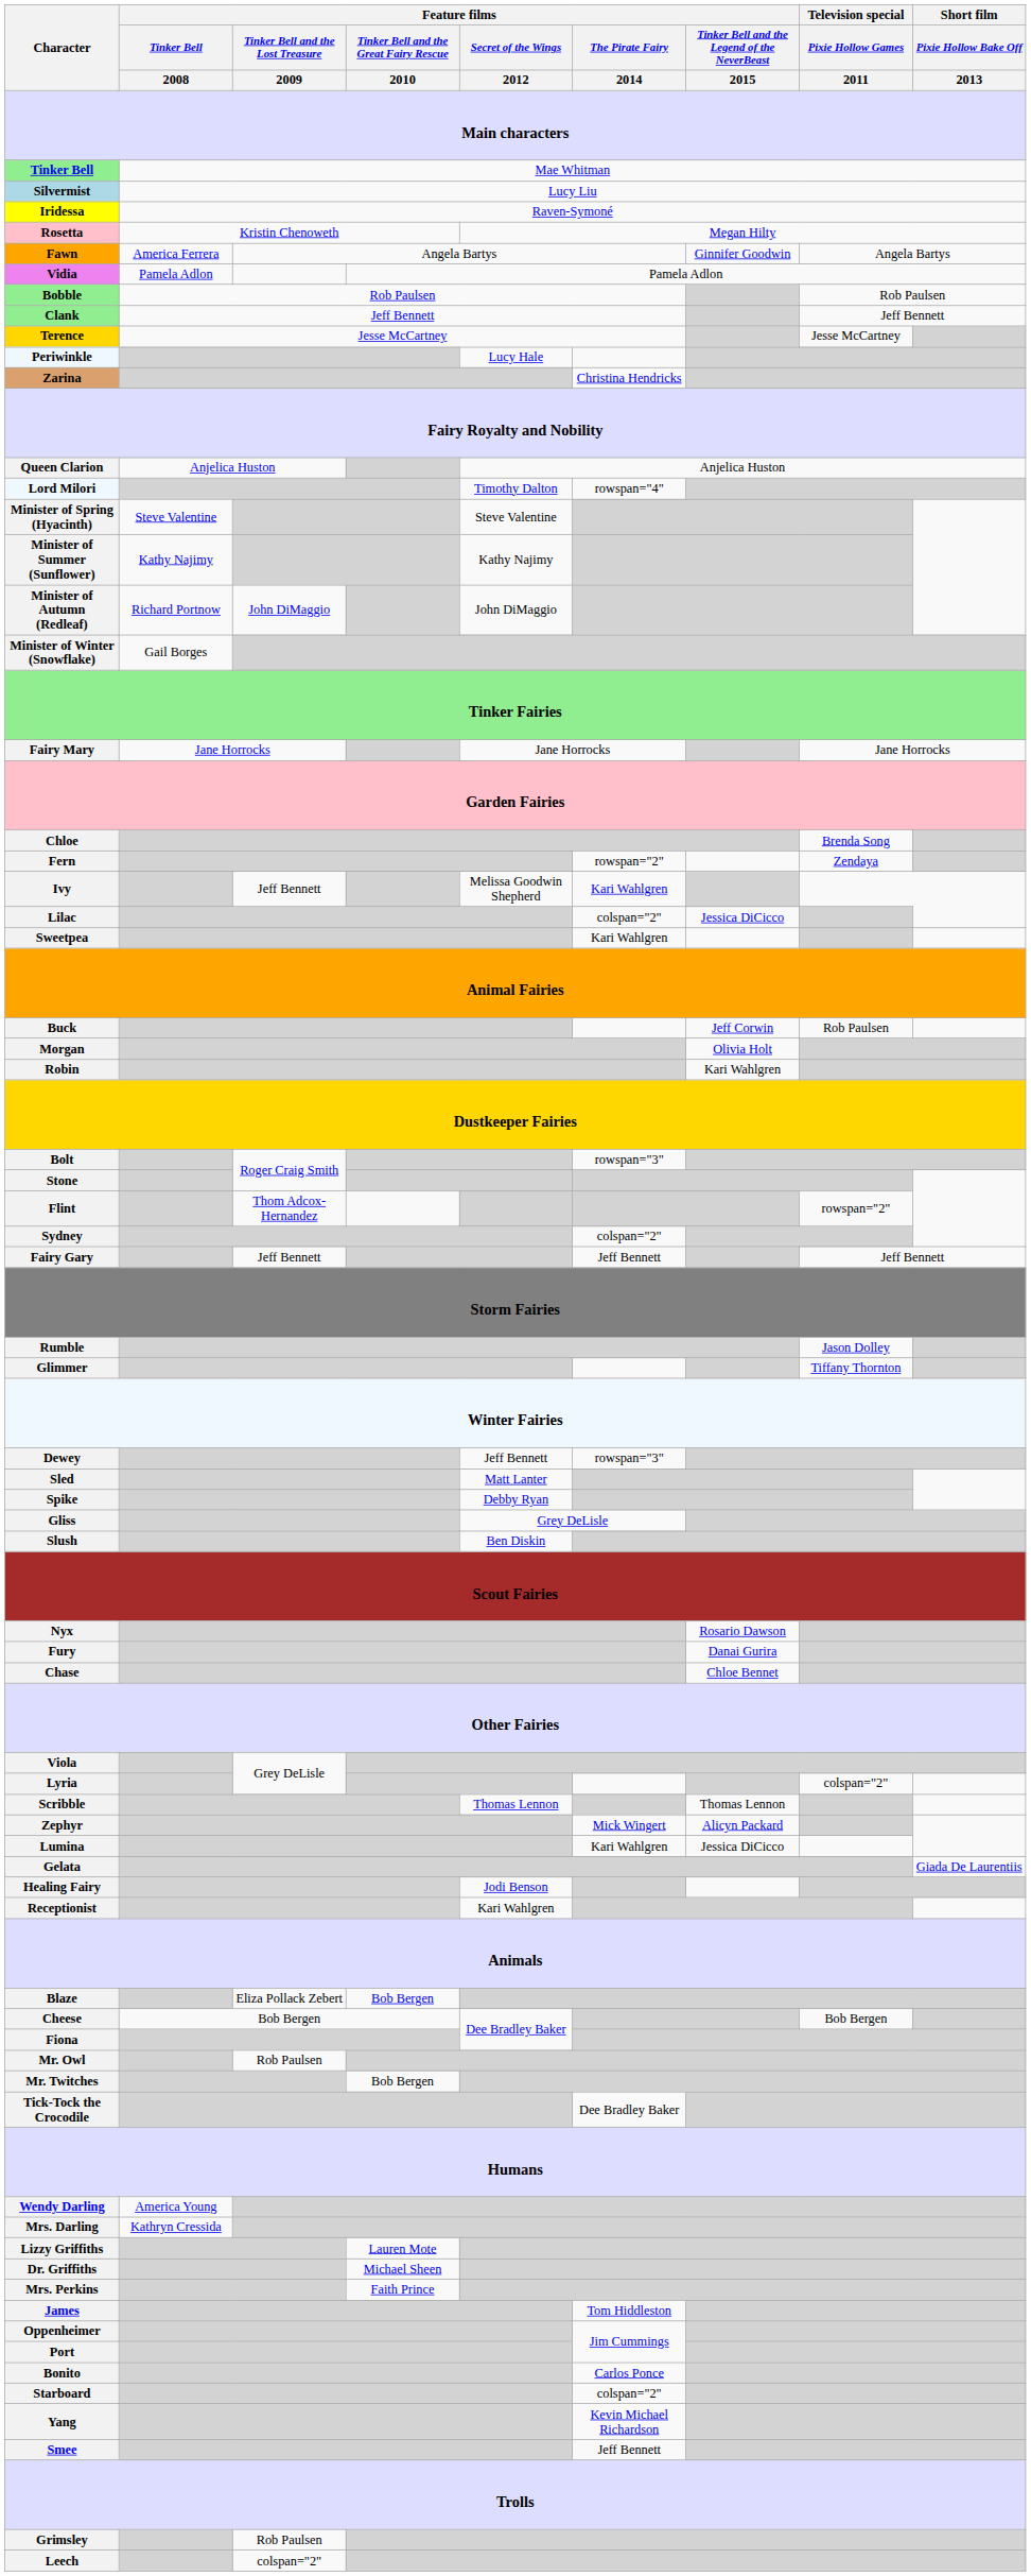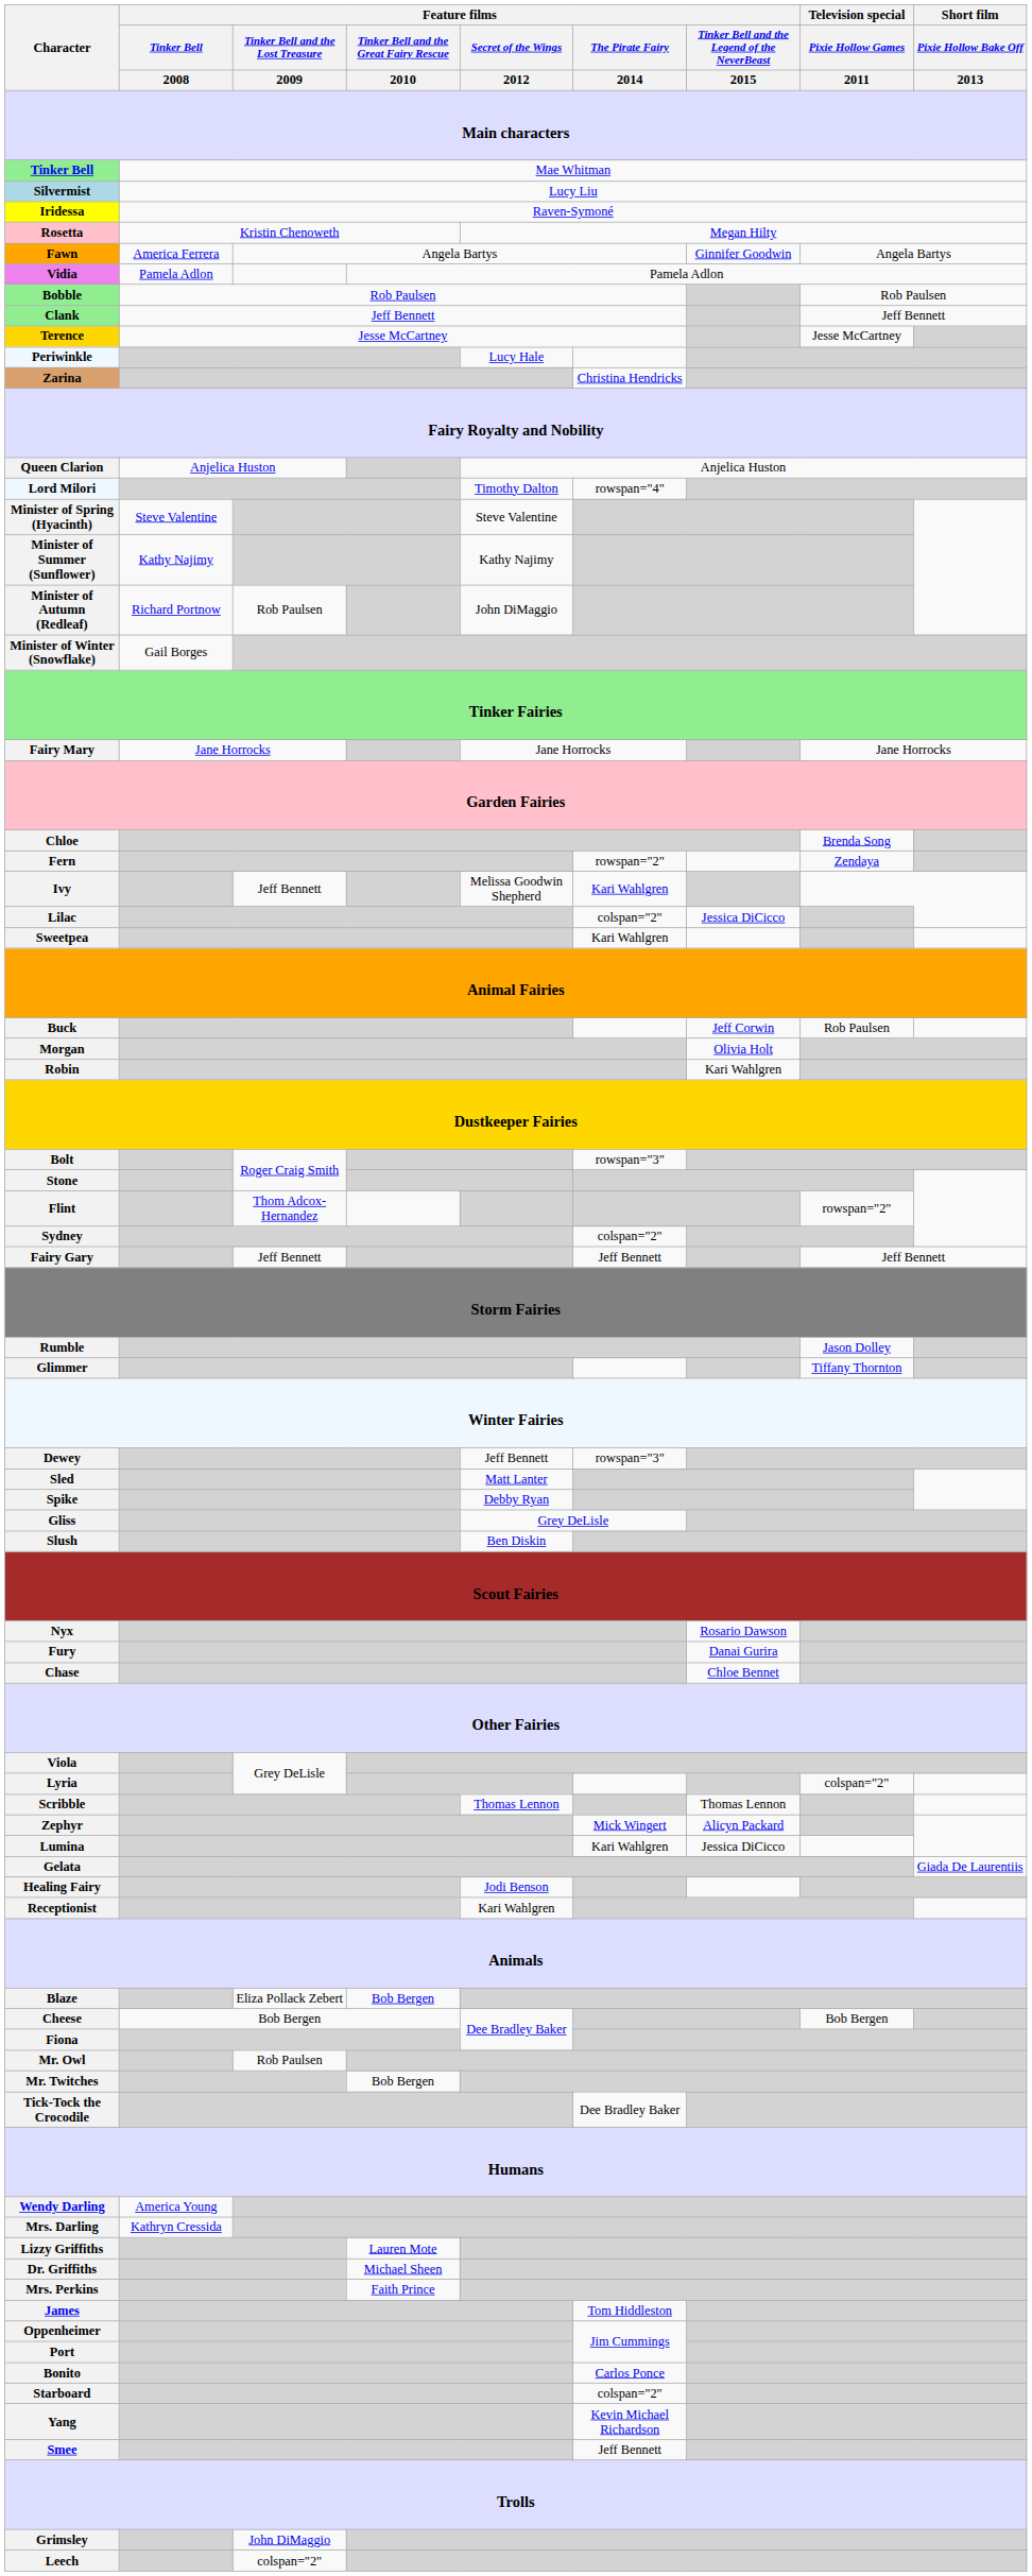 <table class="wikitable"  style="text-align:center; width:99%;">
 <tr>
 <th rowspan="3" width="8%">Character</th>
 <th colspan="6">Feature films</th>
 <th>Television special</th>
 <th>Short film</th>
 </tr>
 <tr style="font-size:87%">
 <th width="8%"><em><a href='#'>Tinker Bell</a></em></th>
 <th width="8%"><em><a href='#'>Tinker Bell and the Lost Treasure</a></em></th>
 <th width="8%"><em><a href='#'>Tinker Bell and the Great Fairy Rescue</a></em></th>
 <th width="8%"><em><a href='#'>Secret of the Wings</a></em></th>
 <th width="8%"><em><a href='#'>The Pirate Fairy</a></em></th>
 <th width="8%"><em><a href='#'>Tinker Bell and the Legend of the NeverBeast</a></em></th>
 <th width="8%"><em><a href='#'>Pixie Hollow Games</a></em></th>
 <th width="8%"><em><a href='#'>Pixie Hollow Bake Off</a></em></th>
 </tr>
 <tr>
 <th>2008</th>
 <th>2009</th>
 <th>2010</th>
 <th>2012</th>
 <th>2014</th>
 <th>2015</th>
 <th>2011</th>
 <th>2013</th>
 </tr>
 <tr>
 <th colspan="10" style="background-color:#ddf;"><br><h3>Main characters</h3></th>
 </tr>
 <tr>
 <th style="background-color:lightgreen;"><a href='#'>Tinker Bell</a></th>
 <td colspan="8"><a href='#'>Mae Whitman</a></td>
 </tr>
 <tr>
 <th style="background-color:lightblue;">Silvermist</th>
 <td colspan="8"><a href='#'>Lucy Liu</a></td>
 </tr>
 <tr>
 <th style="background-color:yellow;">Iridessa</th>
 <td colspan="8"><a href='#'>Raven-Symoné</a></td>
 </tr>
 <tr>
 <th style="background-color:pink;">Rosetta</th>
 <td colspan="3"><a href='#'>Kristin Chenoweth</a></td>
 <td colspan="5"><a href='#'>Megan Hilty</a></td>
 </tr>
 <tr>
 <th style="background-color:orange;">Fawn</th>
 <td><a href='#'>America Ferrera</a></td>
 <td colspan="4">Angela Bartys</td>
 <td><a href='#'>Ginnifer Goodwin</a></td>
 <td colspan="2">Angela Bartys</td>
 </tr>
 <tr>
 <th style="background-color:violet;">Vidia</th>
 <td><a href='#'>Pamela Adlon</a></td>
 <td></td>
 <td colspan="6">Pamela Adlon</td>
 </tr>
 <tr>
 <th style="background-color:lightgreen;">Bobble</th>
 <td colspan="5"><a href='#'>Rob Paulsen</a></td>
 <td style="background-color:#D3D3D3;"></td>
 <td colspan="2">Rob Paulsen</td>
 </tr>
 <tr>
 <th style="background-color:lightgreen;">Clank</th>
 <td colspan="5"><a href='#'>Jeff Bennett</a></td>
 <td style="background-color:#D3D3D3;"></td>
 <td colspan="2">Jeff Bennett</td>
 </tr>
 <tr>
 <th style="background-color:gold;">Terence</th>
 <td colspan="5"><a href='#'>Jesse McCartney</a></td>
 <td style="background-color:#D3D3D3;"></td>
 <td>Jesse McCartney</td>
 <td style="background-color:#D3D3D3;"></td>
 </tr>
 <tr>
 <th style="background-color:#F0F8FF;">Periwinkle</th>
 <td colspan="3" style="background-color:#D3D3D3;"></td>
 <td><a href='#'>Lucy Hale</a></td>
 <td></td>
 <td colspan="3" style="background-color:#D3D3D3;"></td>
 </tr>
 <tr>
 <th style="background-color:#DAA06D;">Zarina</th>
 <td colspan="4" style="background-color:#D3D3D3;"></td>
 <td><a href='#'>Christina Hendricks</a></td>
 <td colspan="3" style="background-color:#D3D3D3;"></td>
 </tr>
 <tr>
 <th colspan="10" style="background-color:#ddf;"><br><h3>Fairy Royalty and Nobility</h3></th>
 </tr>
 <tr>
 <th>Queen Clarion</th>
 <td colspan="2"><a href='#'>Anjelica Huston</a></td>
 <td style="background-color:#D3D3D3;"></td>
 <td colspan="5">Anjelica Huston</td>
 </tr>
 <tr>
 <th style="background-color:#F0F8FF;">Lord Milori</th>
 <td colspan="3" style="background-color:#D3D3D3;"></td>
 <td><a href='#'>Timothy Dalton</a></td>
 <td>rowspan="4" </td>
 <td colspan="3" style="background-color:#D3D3D3;"></td>
 </tr>
 <tr>
 <th>Minister of Spring<br>(Hyacinth)</th>
 <td><a href='#'>Steve Valentine</a></td>
 <td colspan="2" style="background-color:#D3D3D3;"></td>
 <td>Steve Valentine</td>
 <td colspan="3" style="background-color:#D3D3D3;"></td>
 </tr>
 <tr>
 <th>Minister of Summer<br>(Sunflower)</th>
 <td><a href='#'>Kathy Najimy</a></td>
 <td colspan="2" style="background-color:#D3D3D3;"></td>
 <td>Kathy Najimy</td>
 <td colspan="3" style="background-color:#D3D3D3;"></td>
 </tr>
 <tr>
 <th>Minister of Autumn<br>(Redleaf)</th>
 <td><a href='#'>Richard Portnow</a></td>
-<td><a href='#'>John DiMaggio</a></td>
+<td>Rob Paulsen</td>
 <td style="background-color:#D3D3D3;"></td>
 <td>John DiMaggio</td>
 <td colspan="3" style="background-color:#D3D3D3;"></td>
 </tr>
 <tr>
 <th>Minister of Winter<br>(Snowflake)</th>
 <td>Gail Borges</td>
 <td colspan="7" style="background-color:#D3D3D3;"></td>
 </tr>
 <tr>
 <th colspan="10" style="background-color:lightgreen;"><br><h3>Tinker Fairies</h3></th>
 </tr>
 <tr>
 <th>Fairy Mary</th>
 <td colspan="2"><a href='#'>Jane Horrocks</a></td>
 <td style="background-color:#D3D3D3;"></td>
 <td colspan="2">Jane Horrocks</td>
 <td style="background-color:#D3D3D3;"></td>
 <td colspan="2">Jane Horrocks</td>
 </tr>
 <tr>
 <th colspan="10" style="background-color:pink;"><br><h3>Garden Fairies</h3></th>
 </tr>
 <tr>
 <th>Chloe</th>
 <td colspan="6" style="background-color:#D3D3D3;"></td>
 <td><a href='#'>Brenda Song</a></td>
 <td style="background-color:#D3D3D3;"></td>
 </tr>
 <tr>
 <th>Fern</th>
 <td colspan="4" style="background-color:#D3D3D3;"></td>
 <td>rowspan="2" </td>
 <td></td>
 <td><a href='#'>Zendaya</a></td>
 <td style="background-color:#D3D3D3;"></td>
 </tr>
 <tr>
 <th>Ivy</th>
 <td style="background-color:#D3D3D3;"></td>
 <td>Jeff Bennett</td>
 <td style="background-color:#D3D3D3;"></td>
 <td>Melissa Goodwin Shepherd</td>
 <td><a href='#'>Kari Wahlgren</a></td>
 <td style="background-color:#D3D3D3;"></td>
 </tr>
 <tr>
 <th>Lilac</th>
 <td colspan="4" style="background-color:#D3D3D3;"></td>
 <td>colspan="2" </td>
 <td><a href='#'>Jessica DiCicco</a></td>
 <td style="background-color:#D3D3D3;"></td>
 </tr>
 <tr>
 <th>Sweetpea</th>
 <td colspan="4" style="background-color:#D3D3D3;"></td>
 <td>Kari Wahlgren</td>
 <td></td>
 <td style="background-color:#D3D3D3;"></td>
 <td></td>
 </tr>
 <tr>
 <th colspan="10" style="background-color:orange;"><br><h3>Animal Fairies</h3></th>
 </tr>
 <tr>
 <th>Buck</th>
 <td colspan="4" style="background-color:#D3D3D3;"></td>
 <td></td>
 <td><a href='#'>Jeff Corwin</a></td>
 <td>Rob Paulsen</td>
 <td></td>
 </tr>
 <tr>
 <th>Morgan</th>
 <td colspan="5" style="background-color:#D3D3D3;"></td>
 <td><a href='#'>Olivia Holt</a></td>
 <td colspan="2" style="background-color:#D3D3D3;"></td>
 </tr>
 <tr>
 <th>Robin</th>
 <td colspan="5" style="background-color:#D3D3D3;"></td>
 <td>Kari Wahlgren</td>
 <td colspan="2" style="background-color:#D3D3D3;"></td>
 </tr>
 <tr>
 <th colspan="10" style="background-color:gold;"><br><h3>Dustkeeper Fairies</h3></th>
 </tr>
 <tr>
 <th>Bolt</th>
 <td style="background-color:#D3D3D3;"></td>
 <td rowspan="2"><a href='#'>Roger Craig Smith</a></td>
 <td colspan="2" style="background-color:#D3D3D3;"></td>
 <td>rowspan="3" </td>
 <td colspan="3" style="background-color:#D3D3D3;"></td>
 </tr>
 <tr>
 <th>Stone</th>
 <td style="background-color:#D3D3D3;"></td>
 <td colspan="2" style="background-color:#D3D3D3;"></td>
 <td colspan="3" style="background-color:#D3D3D3;"></td>
 </tr>
 <tr>
 <th>Flint</th>
 <td style="background-color:#D3D3D3;"></td>
 <td><a href='#'>Thom Adcox-Hernandez</a></td>
 <td></td>
 <td style="background-color:#D3D3D3;"></td>
 <td colspan="2" style="background-color:#D3D3D3;"></td>
 <td>rowspan="2" </td>
 </tr>
 <tr>
 <th>Sydney</th>
 <td colspan="4" style="background-color:#D3D3D3;"></td>
 <td>colspan="2" </td>
 <td colspan="2" style="background-color:#D3D3D3;"></td>
 </tr>
 <tr>
 <th>Fairy Gary</th>
 <td style="background-color:#D3D3D3;"></td>
 <td>Jeff Bennett</td>
 <td colspan="2" style="background-color:#D3D3D3;"></td>
 <td>Jeff Bennett</td>
 <td style="background-color:#D3D3D3;"></td>
 <td colspan="2">Jeff Bennett</td>
 </tr>
 <tr>
 <th colspan="10" style="background-color:gray;"><br><h3>Storm Fairies</h3></th>
 </tr>
 <tr>
 <th>Rumble</th>
 <td colspan="6" style="background-color:#D3D3D3;"></td>
 <td><a href='#'>Jason Dolley</a></td>
 <td style="background-color:#D3D3D3;"></td>
 </tr>
 <tr>
 <th>Glimmer</th>
 <td colspan="4" style="background-color:#D3D3D3;"></td>
 <td></td>
 <td style="background-color:#D3D3D3;"></td>
 <td><a href='#'>Tiffany Thornton</a></td>
 <td style="background-color:#D3D3D3;"></td>
 </tr>
 <tr>
 <th colspan="10" style="background-color:#F0F8FF;"><br><h3>Winter Fairies</h3></th>
 </tr>
 <tr>
 <th>Dewey</th>
 <td colspan="3" style="background-color:#D3D3D3;"></td>
 <td>Jeff Bennett</td>
 <td>rowspan="3" </td>
 <td colspan="3" style="background-color:#D3D3D3;"></td>
 </tr>
 <tr>
 <th>Sled</th>
 <td colspan="3" style="background-color:#D3D3D3;"></td>
 <td><a href='#'>Matt Lanter</a></td>
 <td colspan="3" style="background-color:#D3D3D3;"></td>
 </tr>
 <tr>
 <th>Spike</th>
 <td colspan="3" style="background-color:#D3D3D3;"></td>
 <td><a href='#'>Debby Ryan</a></td>
 <td colspan="3" style="background-color:#D3D3D3;"></td>
 </tr>
 <tr>
 <th>Gliss</th>
 <td colspan="3" style="background-color:#D3D3D3;"></td>
 <td colspan="2"><a href='#'>Grey DeLisle</a></td>
 <td colspan="3" style="background-color:#D3D3D3;"></td>
 </tr>
 <tr>
 <th>Slush</th>
 <td colspan="3" style="background-color:#D3D3D3;"></td>
 <td><a href='#'>Ben Diskin</a></td>
 <td colspan="4" style="background-color:#D3D3D3;"></td>
 </tr>
 <tr>
 <th colspan="10" style="background-color:brown;"><br><h3>Scout Fairies</h3></th>
 </tr>
 <tr>
 <th>Nyx</th>
 <td colspan="5" style="background-color:#D3D3D3;"></td>
 <td><a href='#'>Rosario Dawson</a></td>
 <td colspan="2" style="background-color:#D3D3D3;"></td>
 </tr>
 <tr>
 <th>Fury</th>
 <td colspan="5" style="background-color:#D3D3D3;"></td>
 <td><a href='#'>Danai Gurira</a></td>
 <td colspan="2" style="background-color:#D3D3D3;"></td>
 </tr>
 <tr>
 <th>Chase</th>
 <td colspan="5" style="background-color:#D3D3D3;"></td>
 <td><a href='#'>Chloe Bennet</a></td>
 <td colspan="2" style="background-color:#D3D3D3;"></td>
 </tr>
 <tr>
 <th colspan="10" style="background-color:#ddf;"><br><h3>Other Fairies</h3></th>
 </tr>
 <tr>
 <th>Viola</th>
 <td style="background-color:#D3D3D3;"></td>
 <td rowspan="2">Grey DeLisle</td>
 <td colspan="6" style="background-color:#D3D3D3;"></td>
 </tr>
 <tr>
 <th>Lyria</th>
 <td style="background-color:#D3D3D3;"></td>
 <td colspan="2" style="background-color:#D3D3D3;"></td>
 <td></td>
 <td style="background-color:#D3D3D3;"></td>
 <td>colspan="2" </td>
 </tr>
 <tr>
 <th>Scribble</th>
 <td colspan="3" style="background-color:#D3D3D3;"></td>
 <td><a href='#'>Thomas Lennon</a></td>
 <td style="background-color:#D3D3D3;"></td>
 <td>Thomas Lennon</td>
 <td style="background-color:#D3D3D3;"></td>
 <td></td>
 </tr>
 <tr>
 <th>Zephyr</th>
 <td colspan="4" style="background-color:#D3D3D3;"></td>
 <td><a href='#'>Mick Wingert</a></td>
 <td><a href='#'>Alicyn Packard</a></td>
 <td style="background-color:#D3D3D3;"></td>
 </tr>
 <tr>
 <th>Lumina</th>
 <td colspan="4" style="background-color:#D3D3D3;"></td>
 <td>Kari Wahlgren</td>
 <td>Jessica DiCicco</td>
 <td></td>
 </tr>
 <tr>
 <th>Gelata</th>
 <td colspan="7" style="background-color:#D3D3D3;"></td>
 <td><a href='#'>Giada De Laurentiis</a></td>
 </tr>
 <tr>
 <th>Healing Fairy</th>
 <td colspan="3" style="background-color:#D3D3D3;"></td>
 <td><a href='#'>Jodi Benson</a></td>
 <td style="background-color:#D3D3D3;"></td>
 <td></td>
 <td colspan="2" style="background-color:#D3D3D3;"></td>
 </tr>
 <tr>
 <th>Receptionist</th>
 <td colspan="3" style="background-color:#D3D3D3;"></td>
 <td>Kari Wahlgren</td>
 <td colspan="3" style="background-color:#D3D3D3;"></td>
 <td></td>
 </tr>
 <tr>
 <th colspan="10" style="background-color:#ddf;"><br><h3>Animals</h3></th>
 </tr>
 <tr>
 <th>Blaze</th>
 <td style="background-color:#D3D3D3;"></td>
 <td>Eliza Pollack Zebert</td>
 <td><a href='#'>Bob Bergen</a></td>
 <td colspan="5" style="background-color:#D3D3D3;"></td>
 </tr>
 <tr>
 <th>Cheese</th>
 <td colspan="3">Bob Bergen</td>
 <td rowspan="2"><a href='#'>Dee Bradley Baker</a></td>
 <td colspan="2" style="background-color:#D3D3D3;"></td>
 <td>Bob Bergen</td>
 <td style="background-color:#D3D3D3;"></td>
 </tr>
 <tr>
 <th>Fiona</th>
 <td colspan="3" style="background-color:#D3D3D3;"></td>
 <td colspan="4" style="background-color:#D3D3D3;"></td>
 </tr>
 <tr>
 <th>Mr. Owl</th>
 <td style="background-color:#D3D3D3;"></td>
 <td>Rob Paulsen</td>
 <td colspan="6" style="background-color:#D3D3D3;"></td>
 </tr>
 <tr>
 <th>Mr. Twitches</th>
 <td colspan="2" style="background-color:#D3D3D3;"></td>
 <td>Bob Bergen</td>
 <td colspan="5" style="background-color:#D3D3D3;"></td>
 </tr>
 <tr>
 <th>Tick-Tock the Crocodile</th>
 <td colspan="4" style="background-color:#D3D3D3;"></td>
 <td>Dee Bradley Baker</td>
 <td colspan="3" style="background-color:#D3D3D3;"></td>
 </tr>
 <tr>
 <th colspan="10" style="background-color:#ddf;"><br><h3>Humans</h3></th>
 </tr>
 <tr>
 <th><a href='#'>Wendy Darling</a></th>
 <td><a href='#'>America Young</a></td>
 <td colspan="7" style="background-color:#D3D3D3;"></td>
 </tr>
 <tr>
 <th>Mrs. Darling</th>
 <td><a href='#'>Kathryn Cressida</a></td>
 <td colspan="7" style="background-color:#D3D3D3;"></td>
 </tr>
 <tr>
 <th>Lizzy Griffiths</th>
 <td colspan="2" style="background-color:#D3D3D3;"></td>
 <td><a href='#'>Lauren Mote</a></td>
 <td colspan="5" style="background-color:#D3D3D3;"></td>
 </tr>
 <tr>
 <th>Dr. Griffiths</th>
 <td colspan="2" style="background-color:#D3D3D3;"></td>
 <td><a href='#'>Michael Sheen</a></td>
 <td colspan="5" style="background-color:#D3D3D3;"></td>
 </tr>
 <tr>
 <th>Mrs. Perkins</th>
 <td colspan="2" style="background-color:#D3D3D3;"></td>
 <td><a href='#'>Faith Prince</a></td>
 <td colspan="5" style="background-color:#D3D3D3;"></td>
 </tr>
 <tr>
 <th><a href='#'>James</a></th>
 <td colspan="4" style="background-color:#D3D3D3;"></td>
 <td><a href='#'>Tom Hiddleston</a></td>
 <td colspan="3" style="background-color:#D3D3D3;"></td>
 </tr>
 <tr>
 <th>Oppenheimer</th>
 <td colspan="4" style="background-color:#D3D3D3;"></td>
 <td rowspan="2"><a href='#'>Jim Cummings</a></td>
 <td colspan="3" style="background-color:#D3D3D3;"></td>
 </tr>
 <tr>
 <th>Port</th>
 <td colspan="4" style="background-color:#D3D3D3;"></td>
 <td colspan="3" style="background-color:#D3D3D3;"></td>
 </tr>
 <tr>
 <th>Bonito</th>
 <td colspan="4" style="background-color:#D3D3D3;"></td>
 <td><a href='#'>Carlos Ponce</a></td>
 <td colspan="3" style="background-color:#D3D3D3;"></td>
 </tr>
 <tr>
 <th>Starboard</th>
 <td colspan="4" style="background-color:#D3D3D3;"></td>
 <td>colspan="2" </td>
 <td colspan="3" style="background-color:#D3D3D3;"></td>
 </tr>
 <tr>
 <th>Yang</th>
 <td colspan="4" style="background-color:#D3D3D3;"></td>
 <td><a href='#'>Kevin Michael Richardson</a></td>
 <td colspan="3" style="background-color:#D3D3D3;"></td>
 </tr>
 <tr>
 <th><a href='#'>Smee</a></th>
 <td colspan="4" style="background-color:#D3D3D3;"></td>
 <td>Jeff Bennett</td>
 <td colspan="3" style="background-color:#D3D3D3;"></td>
 </tr>
 <tr>
 <th colspan="10" style="background-color:#ddf;"><br><h3>Trolls</h3></th>
 </tr>
 <tr>
 <th>Grimsley</th>
 <td style="background-color:#D3D3D3;"></td>
-<td>Rob Paulsen</td>
+<td><a href='#'>John DiMaggio</a></td>
 <td colspan="6" style="background-color:#D3D3D3;"></td>
 </tr>
 <tr>
 <th>Leech</th>
 <td style="background-color:#D3D3D3;"></td>
 <td>colspan="2" </td>
 <td colspan="6" style="background-color:#D3D3D3;"></td>
 </tr>
 </table>
